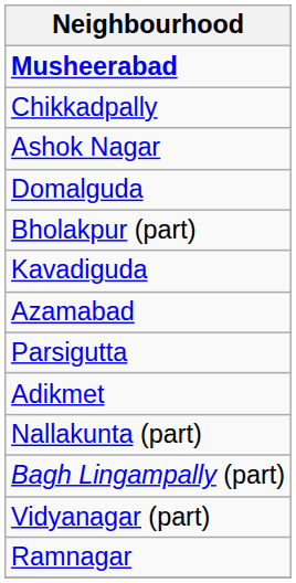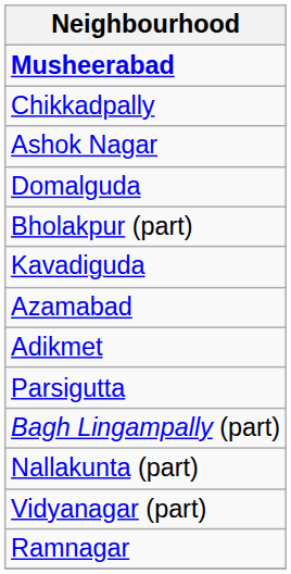 <table class="wikitable sortable static-row-numbers static-row-header-hash">
 <tr>
 <th>Neighbourhood</th>
 </tr>
 <tr>
 <td><strong><a href='#'>Musheerabad</a></strong></td>
 </tr>
 <tr>
 <td><a href='#'>Chikkadpally</a></td>
 </tr>
 <tr>
 <td><a href='#'>Ashok Nagar</a></td>
 </tr>
 <tr>
 <td><a href='#'>Domalguda</a></td>
 </tr>
 <tr>
 <td><a href='#'>Bholakpur</a> (part)</td>
 </tr>
 <tr>
 <td><a href='#'>Kavadiguda</a></td>
 </tr>
 <tr>
 <td><a href='#'>Azamabad</a></td>
 </tr>
 <tr>
+<td><a href='#'>Adikmet</a></td>
+</tr>
+<tr>
 <td><a href='#'>Parsigutta</a></td>
 </tr>
 <tr>
-<td><a href='#'>Adikmet</a></td>
+<td><em><a href='#'>Bagh Lingampally</a></em> (part)</td>
 </tr>
 <tr>
 <td><a href='#'>Nallakunta</a> (part)</td>
-</tr>
-<tr>
-<td><em><a href='#'>Bagh Lingampally</a></em> (part)</td>
 </tr>
 <tr>
 <td><a href='#'>Vidyanagar</a> (part)</td>
 </tr>
 <tr>
 <td><a href='#'>Ramnagar</a></td>
 </tr>
 <tr>
 </tr>
 </table>
